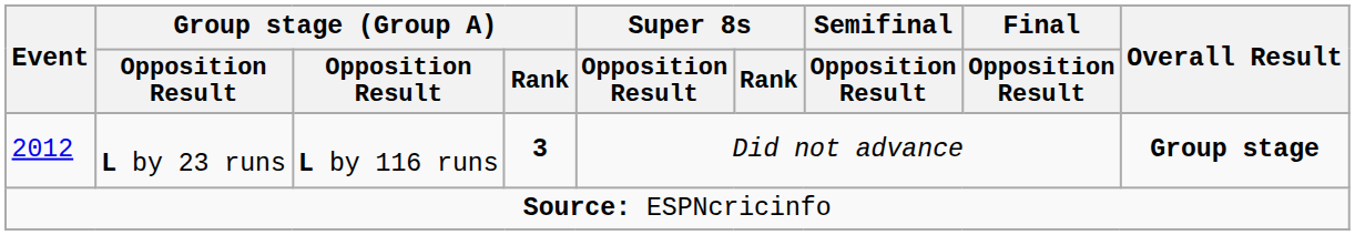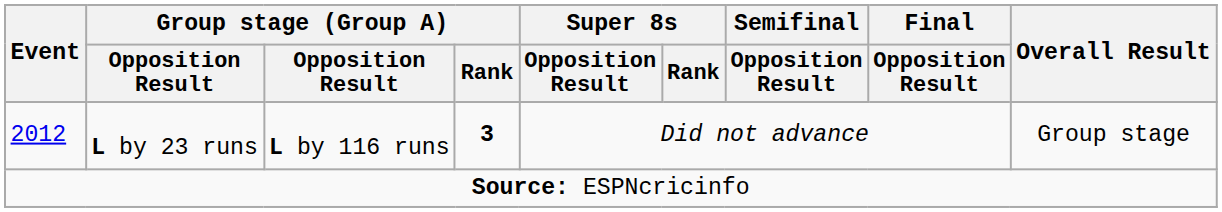 <table class=wikitable style=font-size:90%;text-align:center>
 <tr>
 <th rowspan=2>Event</th>
 <th colspan=3>Group stage (Group A)</th>
 <th colspan="2">Super 8s</th>
 <th>Semifinal</th>
 <th>Final</th>
 <th rowspan=2>Overall Result</th>
 </tr>
 <tr style=font-size:95%>
 <th>Opposition<br>Result</th>
 <th>Opposition<br>Result</th>
 <th>Rank</th>
 <th>Opposition<br>Result</th>
 <th>Rank</th>
 <th>Opposition<br>Result</th>
 <th>Opposition<br>Result</th>
 </tr>
 <tr>
 <td align=left><a href='#'>2012</a></td>
 <td><br><strong>L</strong> by 23 runs</td>
 <td><br><strong>L</strong> by 116 runs</td>
 <td><strong>3</strong></td>
 <td colspan="4"><em>Did not advance</em></td>
-<td><strong>Group stage</strong></td>
+<td>Group stage</td>
 </tr>
 <tr>
 <td colspan="11"><strong>Source:</strong> ESPNcricinfo</td>
 </tr>
 </table>
